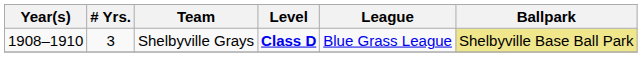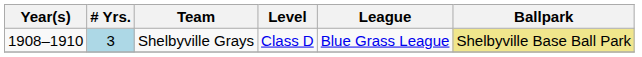 <table class="wikitable" style="text-align:center; font-size: 95%;">
 <tr>
 <th>Year(s)</th>
 <th># Yrs.</th>
 <th>Team</th>
 <th>Level</th>
 <th>League</th>
 <th>Ballpark</th>
 </tr>
 <tr>
 <td>1908–1910</td>
-<td>3</td>
+<td style="background: lightblue;">3</td>
 <td>Shelbyville Grays</td>
-<td><strong><a href='#'>Class D</a></strong></td>
+<td><a href='#'>Class D</a></td>
 <td><a href='#'>Blue Grass League</a></td>
 <td style="background: khaki;">Shelbyville Base Ball Park</td>
 </tr>
 <tr>
 </tr>
 </table>
